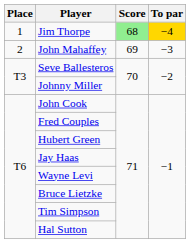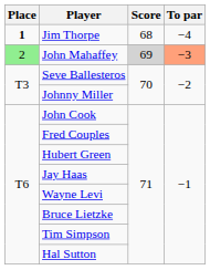 <table class="wikitable">
 <tr>
 <th>Place</th>
 <th>Player</th>
 <th>Score</th>
 <th>To par</th>
 </tr>
 <tr>
-<td align=center>1</td>
+<td align=center><strong>1</strong></td>
 <td> <a href='#'>Jim Thorpe</a></td>
-<td align=center style="background: lightgreen;">68</td>
-<td align=center style="background: gold;">−4</td>
+<td align=center>68</td>
+<td align=center>−4</td>
 </tr>
 <tr>
-<td align=center>2</td>
+<td align=center style="background: lightgreen;">2</td>
 <td> <a href='#'>John Mahaffey</a></td>
-<td align=center>69</td>
-<td align=center>−3</td>
+<td align=center style="background: lightgrey;">69</td>
+<td align=center style="background: lightsalmon;">−3</td>
 </tr>
 <tr>
 <td rowspan=2 align=center>T3</td>
 <td> <a href='#'>Seve Ballesteros</a></td>
 <td rowspan=2 align=center>70</td>
 <td rowspan=2 align=center>−2</td>
 </tr>
 <tr>
 <td> <a href='#'>Johnny Miller</a></td>
 </tr>
 <tr>
 <td rowspan=8 align=center>T6</td>
 <td> <a href='#'>John Cook</a></td>
 <td rowspan=8 align=center>71</td>
 <td rowspan=8 align=center>−1</td>
 </tr>
 <tr>
 <td> <a href='#'>Fred Couples</a></td>
 </tr>
 <tr>
 <td> <a href='#'>Hubert Green</a></td>
 </tr>
 <tr>
 <td> <a href='#'>Jay Haas</a></td>
 </tr>
 <tr>
 <td> <a href='#'>Wayne Levi</a></td>
 </tr>
 <tr>
 <td> <a href='#'>Bruce Lietzke</a></td>
 </tr>
 <tr>
 <td> <a href='#'>Tim Simpson</a></td>
 </tr>
 <tr>
 <td> <a href='#'>Hal Sutton</a></td>
 </tr>
 </table>
